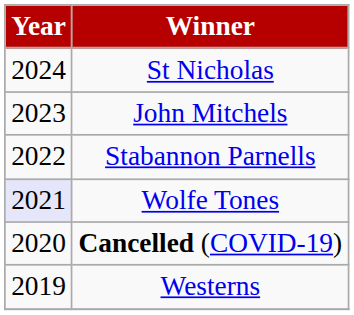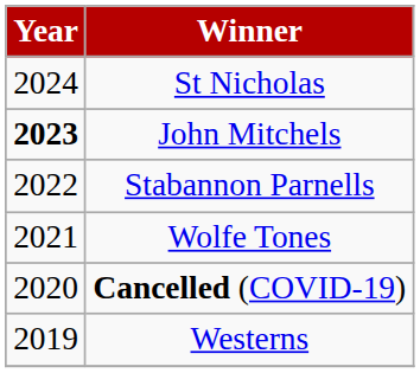 <table class="wikitable" style="text-align:center;">
 <tr>
 <th style="background:#B60000;color:white">Year</th>
 <th style="background:#B60000;color:white">Winner</th>
 </tr>
 <tr>
 <td>2024</td>
 <td><a href='#'>St Nicholas</a></td>
 </tr>
 <tr>
-<td>2023</td>
+<td><strong>2023</strong></td>
 <td><a href='#'>John Mitchels</a></td>
 </tr>
 <tr>
 <td>2022</td>
 <td><a href='#'>Stabannon Parnells</a></td>
 </tr>
 <tr>
-<td style="background: lavender;">2021</td>
+<td>2021</td>
 <td><a href='#'>Wolfe Tones</a></td>
 </tr>
 <tr>
 <td>2020</td>
 <td ! colspan=5 align=center><strong>Cancelled</strong> (<a href='#'>COVID-19</a>)</td>
 </tr>
 <tr>
 <td>2019</td>
 <td><a href='#'>Westerns</a></td>
 </tr>
 <tr>
 </tr>
 </table>
